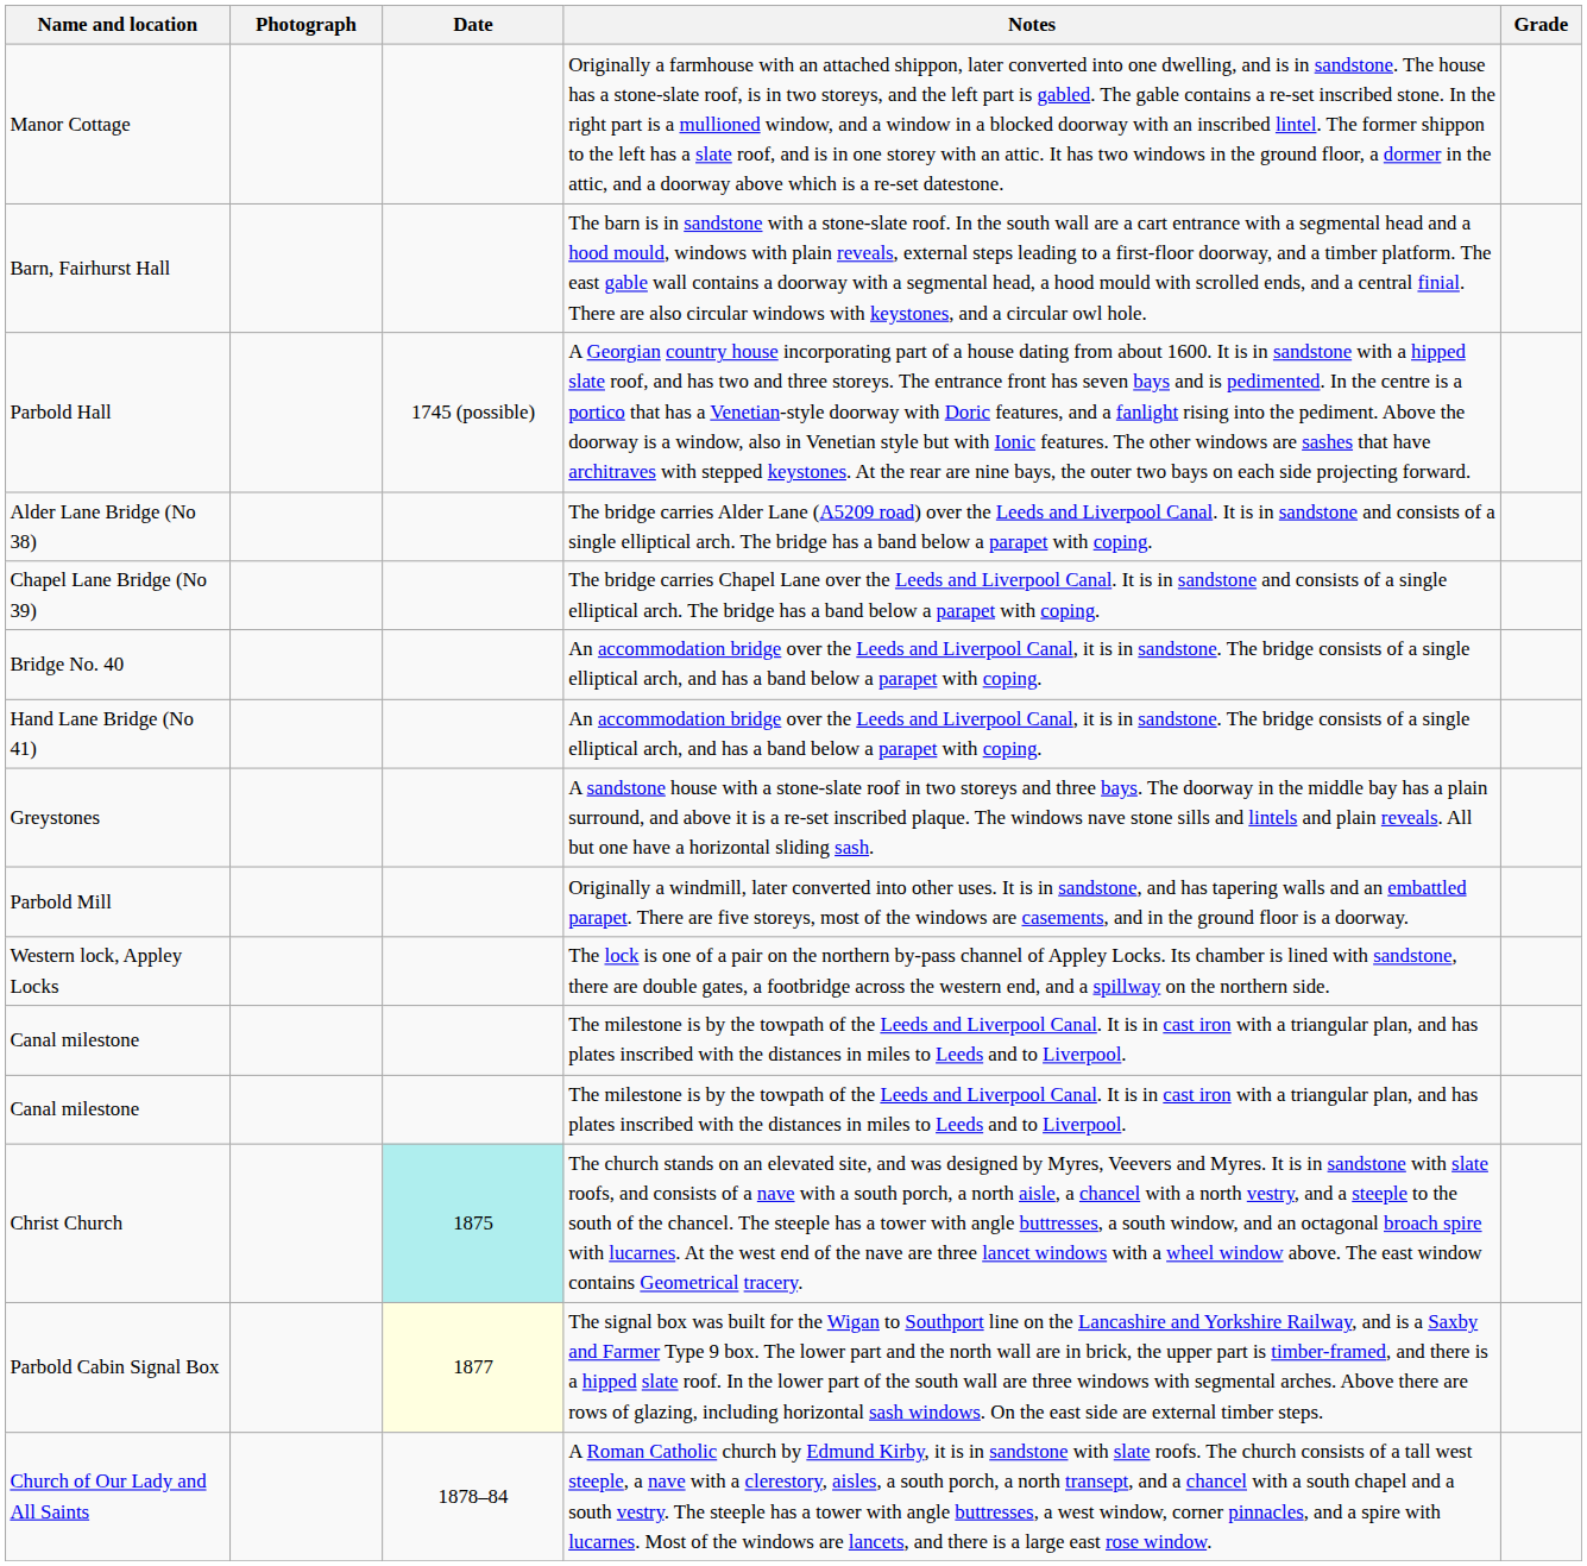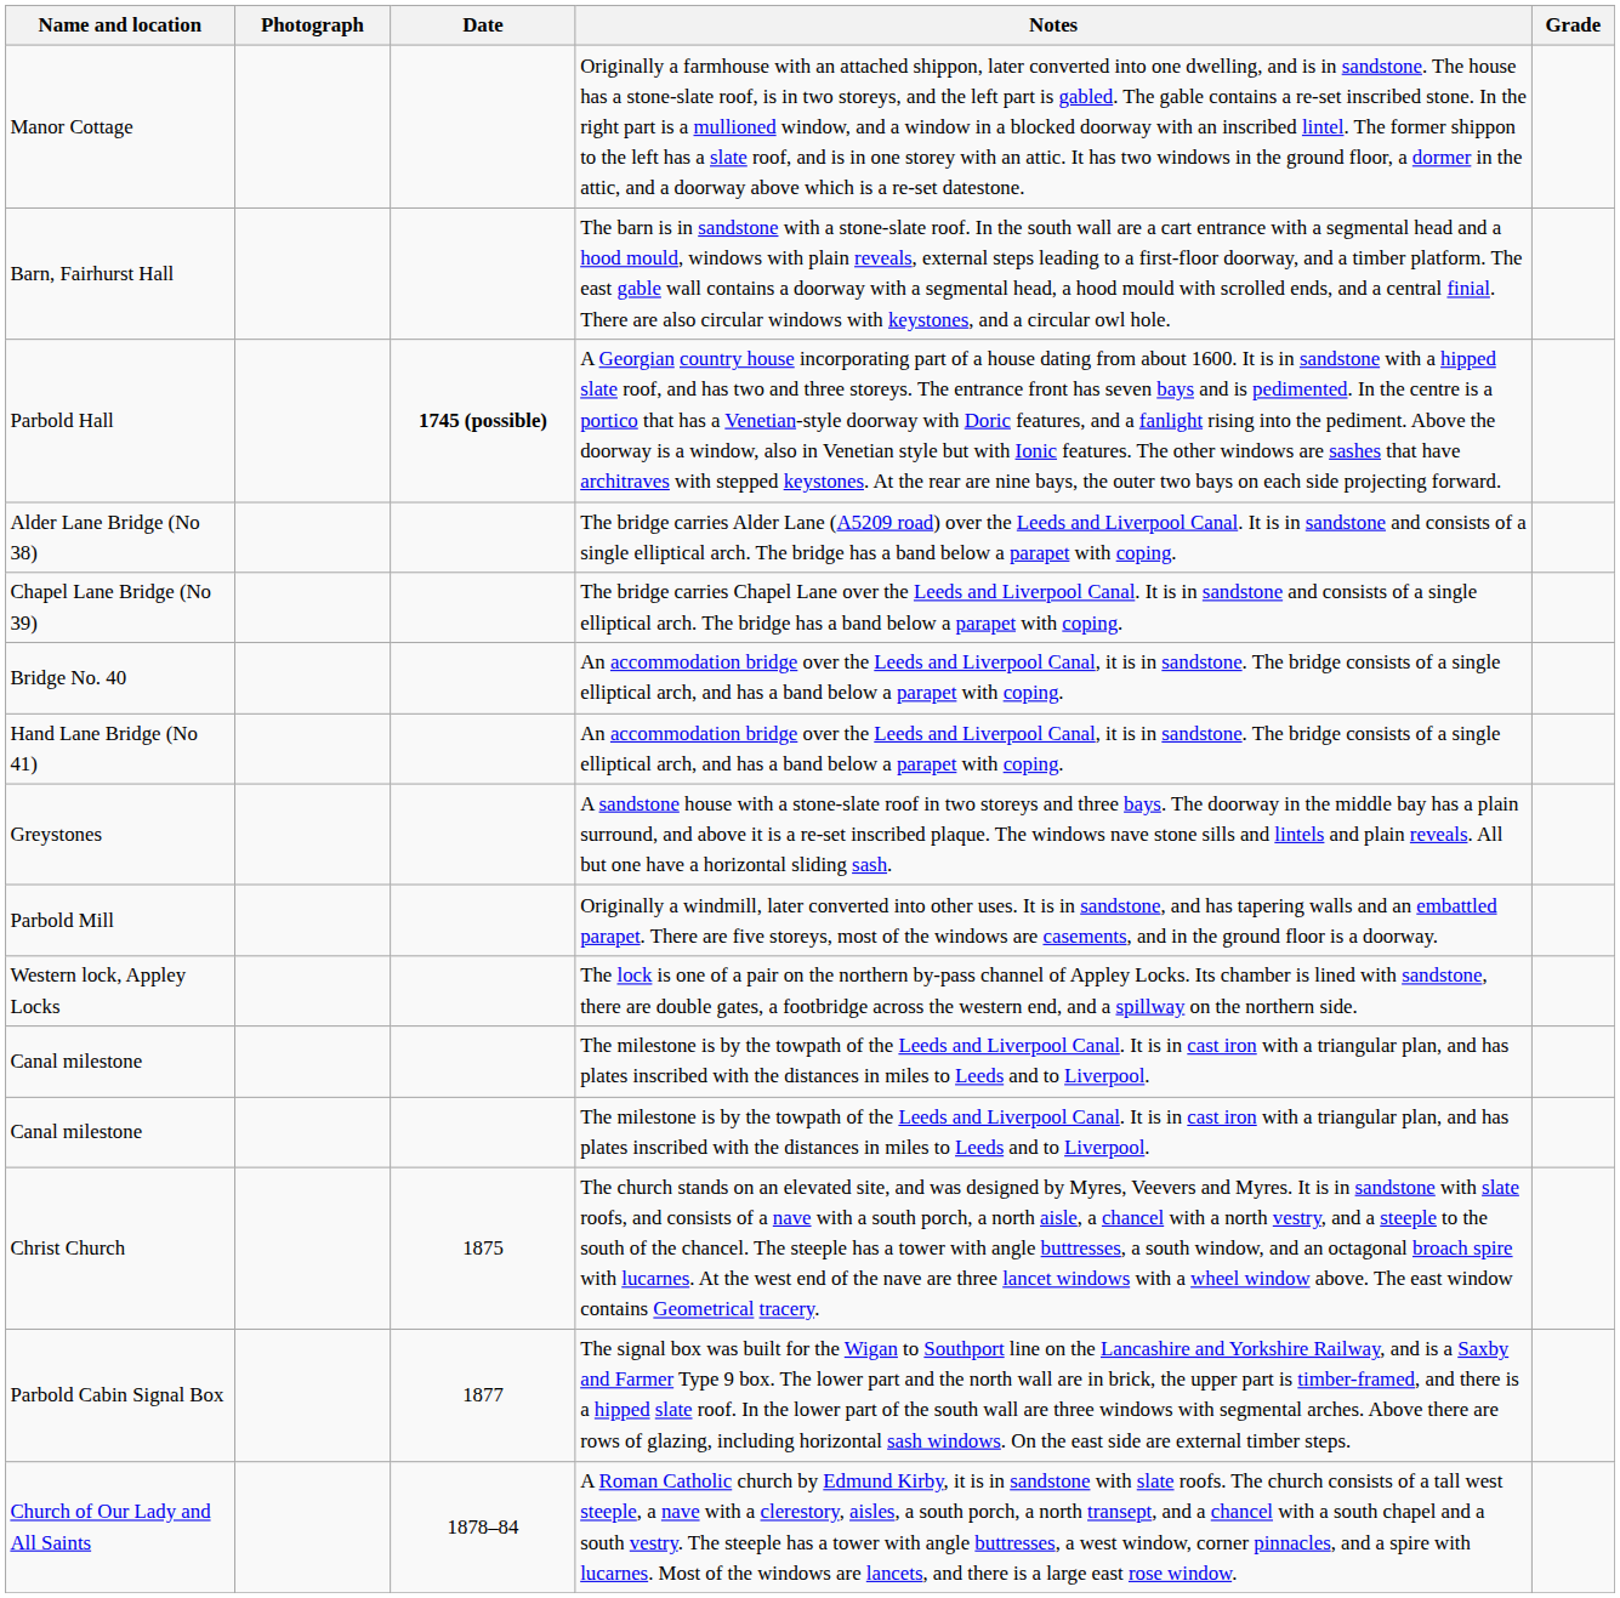 <table class="wikitable sortable plainrowheaders" style="width:100%;border:0px;text-align:left;line-height:150%;">
 <tr>
 <th scope="col"  style="width:150px">Name and location</th>
 <th scope="col"  style="width:100px" class="unsortable">Photograph</th>
 <th scope="col"  style="width:120px">Date</th>
 <th scope="col"  style="width:650px" class="unsortable">Notes</th>
 <th scope="col"  style="width:50px">Grade</th>
 </tr>
 <tr>
 <td>Manor Cottage<br><small></small></td>
 <td></td>
 <td align="center"></td>
 <td>Originally a farmhouse with an attached shippon, later converted into one dwelling, and is in <a href='#'>sandstone</a>.  The house has a stone-slate roof, is in two storeys, and the left part is <a href='#'>gabled</a>.  The gable contains a re-set inscribed stone.  In the right part is a <a href='#'>mullioned</a> window, and a window in a blocked doorway with an inscribed <a href='#'>lintel</a>.  The former shippon to the left has a <a href='#'>slate</a> roof, and is in one storey with an attic.  It has two windows in the ground floor, a <a href='#'>dormer</a> in the attic, and a doorway above which is a re-set datestone.</td>
 <td align="center" ></td>
 </tr>
 <tr>
 <td>Barn, Fairhurst Hall<br><small></small></td>
 <td></td>
 <td align="center"></td>
 <td>The barn is in <a href='#'>sandstone</a> with a stone-slate roof.  In the south wall are a cart entrance with a segmental head and a <a href='#'>hood mould</a>, windows with plain <a href='#'>reveals</a>, external steps leading to a first-floor doorway, and a timber platform.  The east <a href='#'>gable</a> wall contains a doorway with a segmental head, a hood mould with scrolled ends, and a central <a href='#'>finial</a>.  There are also circular windows with <a href='#'>keystones</a>, and a circular owl hole.</td>
 <td align="center" ></td>
 </tr>
 <tr>
 <td>Parbold Hall<br><small></small></td>
 <td></td>
-<td align="center">1745 (possible)</td>
+<td align="center"><strong>1745 (possible)</strong></td>
 <td>A <a href='#'>Georgian</a> <a href='#'>country house</a> incorporating part of a house dating from about 1600.  It is in <a href='#'>sandstone</a> with a <a href='#'>hipped</a> <a href='#'>slate</a> roof, and has two and three storeys.  The entrance front has seven <a href='#'>bays</a> and is <a href='#'>pedimented</a>.  In the centre is a <a href='#'>portico</a> that has a <a href='#'>Venetian</a>-style doorway with <a href='#'>Doric</a> features, and a <a href='#'>fanlight</a> rising into the pediment.  Above the doorway is a window, also in Venetian style but with <a href='#'>Ionic</a> features.  The other windows are <a href='#'>sashes</a> that have <a href='#'>architraves</a> with stepped <a href='#'>keystones</a>.  At the rear are nine bays, the outer two bays on each side projecting forward.</td>
 <td align="center" ></td>
 </tr>
 <tr>
 <td>Alder Lane Bridge (No 38)<br><small></small></td>
 <td></td>
 <td align="center"></td>
 <td>The bridge carries Alder Lane (<a href='#'>A5209 road</a>) over the <a href='#'>Leeds and Liverpool Canal</a>.  It is in <a href='#'>sandstone</a> and consists of a single elliptical arch.  The bridge has a band below a <a href='#'>parapet</a> with <a href='#'>coping</a>.</td>
 <td align="center" ></td>
 </tr>
 <tr>
 <td>Chapel Lane Bridge (No 39)<br><small></small></td>
 <td></td>
 <td align="center"></td>
 <td>The bridge carries Chapel Lane over the <a href='#'>Leeds and Liverpool Canal</a>.  It is in <a href='#'>sandstone</a> and consists of a single elliptical arch.  The bridge has a band below a <a href='#'>parapet</a> with <a href='#'>coping</a>.</td>
 <td align="center" ></td>
 </tr>
 <tr>
 <td>Bridge No. 40<br><small></small></td>
 <td></td>
 <td align="center"></td>
 <td>An <a href='#'>accommodation bridge</a> over the <a href='#'>Leeds and Liverpool Canal</a>, it is in <a href='#'>sandstone</a>.  The bridge consists of a single elliptical arch, and has a band below a <a href='#'>parapet</a> with <a href='#'>coping</a>.</td>
 <td align="center" ></td>
 </tr>
 <tr>
 <td>Hand Lane Bridge (No 41)<br><small></small></td>
 <td></td>
 <td align="center"></td>
 <td>An <a href='#'>accommodation bridge</a> over the <a href='#'>Leeds and Liverpool Canal</a>, it is in <a href='#'>sandstone</a>.  The bridge consists of a single elliptical arch, and has a band below a <a href='#'>parapet</a> with <a href='#'>coping</a>.</td>
 <td align="center" ></td>
 </tr>
 <tr>
 <td>Greystones<br><small></small></td>
 <td></td>
 <td align="center"></td>
 <td>A <a href='#'>sandstone</a> house with a stone-slate roof in two storeys and three <a href='#'>bays</a>.  The doorway in the middle bay has a plain surround, and above it is a re-set inscribed plaque.  The windows nave stone sills and <a href='#'>lintels</a> and plain <a href='#'>reveals</a>.  All but one have a horizontal sliding <a href='#'>sash</a>.</td>
 <td align="center" ></td>
 </tr>
 <tr>
 <td>Parbold Mill<br><small></small></td>
 <td></td>
 <td align="center"></td>
 <td>Originally a windmill, later converted into other uses.  It is in <a href='#'>sandstone</a>, and has tapering walls and an <a href='#'>embattled</a> <a href='#'>parapet</a>.  There are five storeys, most of the windows are <a href='#'>casements</a>, and in the ground floor is a doorway.</td>
 <td align="center" ></td>
 </tr>
 <tr>
 <td>Western lock, Appley Locks<br><small></small></td>
 <td></td>
 <td align="center"></td>
 <td>The <a href='#'>lock</a> is one of a pair on the northern by-pass channel of Appley Locks.  Its chamber is lined with <a href='#'>sandstone</a>, there are double gates, a footbridge across the western end, and a <a href='#'>spillway</a> on the northern side.</td>
 <td align="center" ></td>
 </tr>
 <tr>
 <td>Canal milestone<br><small></small></td>
 <td></td>
 <td align="center"></td>
 <td>The milestone is by the towpath of the <a href='#'>Leeds and Liverpool Canal</a>.  It is in <a href='#'>cast iron</a> with a triangular plan, and has plates inscribed with the distances in miles to <a href='#'>Leeds</a> and to <a href='#'>Liverpool</a>.</td>
 <td align="center" ></td>
 </tr>
 <tr>
 <td>Canal milestone<br><small></small></td>
 <td></td>
 <td align="center"></td>
 <td>The milestone is by the towpath of the <a href='#'>Leeds and Liverpool Canal</a>.  It is in <a href='#'>cast iron</a> with a triangular plan, and has plates inscribed with the distances in miles to <a href='#'>Leeds</a> and to <a href='#'>Liverpool</a>.</td>
 <td align="center" ></td>
 </tr>
 <tr>
 <td>Christ Church<br><small></small></td>
 <td></td>
-<td align="center" style="background: paleturquoise;">1875</td>
+<td align="center">1875</td>
 <td>The church stands on an elevated site, and was designed by Myres, Veevers and Myres.  It is in <a href='#'>sandstone</a> with <a href='#'>slate</a> roofs, and consists of a <a href='#'>nave</a> with a south porch, a north <a href='#'>aisle</a>, a <a href='#'>chancel</a> with a north <a href='#'>vestry</a>, and a <a href='#'>steeple</a> to the south of the chancel.  The steeple has a tower with angle <a href='#'>buttresses</a>, a south window, and an octagonal <a href='#'>broach spire</a> with <a href='#'>lucarnes</a>.  At the west end of the nave are three <a href='#'>lancet windows</a> with a <a href='#'>wheel window</a> above.  The east window contains <a href='#'>Geometrical</a> <a href='#'>tracery</a>.</td>
 <td align="center" ></td>
 </tr>
 <tr>
 <td>Parbold Cabin Signal Box<br><small></small></td>
 <td></td>
-<td align="center" style="background: lightyellow;">1877</td>
+<td align="center">1877</td>
 <td>The signal box was built for the <a href='#'>Wigan</a> to <a href='#'>Southport</a> line on the <a href='#'>Lancashire and Yorkshire Railway</a>, and is a <a href='#'>Saxby and Farmer</a> Type 9 box.  The lower part and the north wall are in brick, the upper part is <a href='#'>timber-framed</a>, and there is a <a href='#'>hipped</a> <a href='#'>slate</a> roof.  In the lower part of the south wall are three windows with segmental arches.  Above there are rows of glazing, including horizontal <a href='#'>sash windows</a>.  On the east side are external timber steps.</td>
 <td align="center" ></td>
 </tr>
 <tr>
 <td><a href='#'>Church of Our Lady and All Saints</a><br><small></small></td>
 <td></td>
 <td align="center">1878–84</td>
 <td>A <a href='#'>Roman Catholic</a> church by <a href='#'>Edmund Kirby</a>, it is in <a href='#'>sandstone</a> with <a href='#'>slate</a> roofs.  The church consists of a tall west <a href='#'>steeple</a>, a <a href='#'>nave</a> with a <a href='#'>clerestory</a>, <a href='#'>aisles</a>, a south porch, a north <a href='#'>transept</a>, and a <a href='#'>chancel</a> with a south chapel and a south <a href='#'>vestry</a>.  The steeple has a tower with angle <a href='#'>buttresses</a>, a west window, corner <a href='#'>pinnacles</a>, and a spire with <a href='#'>lucarnes</a>.  Most of the windows are <a href='#'>lancets</a>, and there is a large east <a href='#'>rose window</a>.</td>
 <td align="center" ></td>
 </tr>
 <tr>
 </tr>
 </table>
